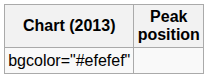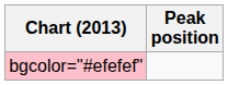 <table class="wikitable sortable plainrowheaders" style="text-align:center">
 <tr>
 <th>Chart (2013)</th>
 <th>Peak<br>position</th>
 </tr>
 <tr>
-<td>bgcolor="#efefef" </td>
+<td style="background: pink;">bgcolor="#efefef" </td>
 </tr>
 </table>
